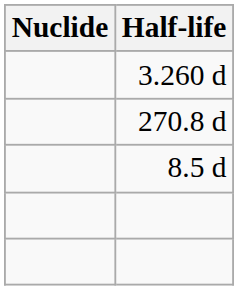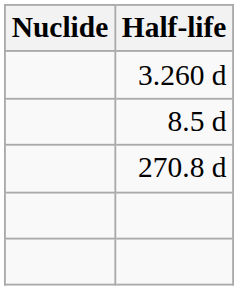 <table class="wikitable">
 <tr align="right">
 <th>Nuclide</th>
 <th>Half-life</th>
 </tr>
 <tr align="right">
 <td></td>
 <td>3.260 d</td>
 </tr>
 <tr align="right">
 <td></td>
-<td>270.8 d</td>
+<td>8.5 d</td>
 </tr>
 <tr align="right">
 <td></td>
-<td>8.5 d</td>
+<td>270.8 d</td>
 </tr>
 <tr align="right">
 <td></td>
 <td> </td>
 </tr>
 <tr align="right">
 <td></td>
 <td> </td>
 </tr>
 </table>
